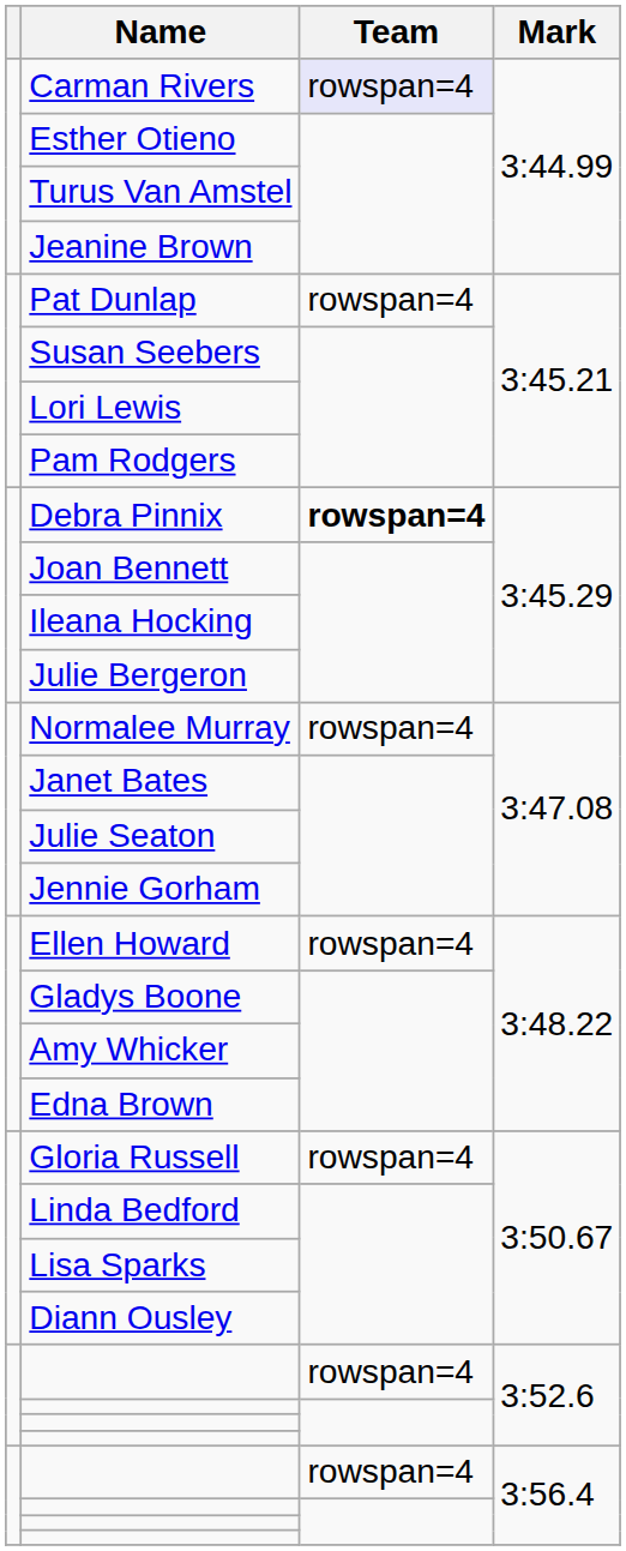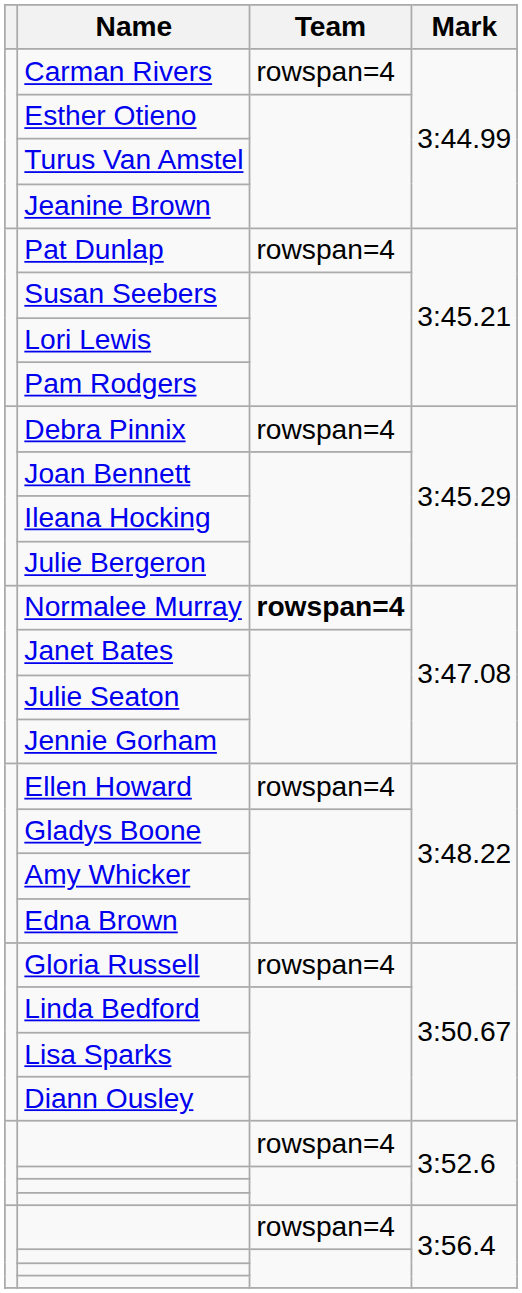 <table class=wikitable>
 <tr>
 <th></th>
 <th>Name</th>
 <th>Team</th>
 <th>Mark</th>
 </tr>
 <tr>
 <td rowspan=4></td>
 <td><a href='#'>Carman Rivers</a></td>
-<td style="background: lavender;">rowspan=4 </td>
+<td>rowspan=4 </td>
 <td rowspan=4>3:44.99</td>
 </tr>
 <tr>
 <td><a href='#'>Esther Otieno</a></td>
 </tr>
 <tr>
 <td><a href='#'>Turus Van Amstel</a></td>
 </tr>
 <tr>
 <td><a href='#'>Jeanine Brown</a></td>
 </tr>
 <tr>
 <td rowspan=4></td>
 <td><a href='#'>Pat Dunlap</a></td>
 <td>rowspan=4 </td>
 <td rowspan=4>3:45.21</td>
 </tr>
 <tr>
 <td><a href='#'>Susan Seebers</a></td>
 </tr>
 <tr>
 <td><a href='#'>Lori Lewis</a></td>
 </tr>
 <tr>
 <td><a href='#'>Pam Rodgers</a></td>
 </tr>
 <tr>
 <td rowspan=4></td>
 <td><a href='#'>Debra Pinnix</a></td>
-<td><strong>rowspan=4 </strong></td>
+<td>rowspan=4 </td>
 <td rowspan=4>3:45.29</td>
 </tr>
 <tr>
 <td><a href='#'>Joan Bennett</a></td>
 </tr>
 <tr>
 <td><a href='#'>Ileana Hocking</a></td>
 </tr>
 <tr>
 <td><a href='#'>Julie Bergeron</a></td>
 </tr>
 <tr>
 <td rowspan=4></td>
 <td><a href='#'>Normalee Murray</a></td>
-<td>rowspan=4 </td>
+<td><strong>rowspan=4 </strong></td>
 <td rowspan=4>3:47.08</td>
 </tr>
 <tr>
 <td><a href='#'>Janet Bates</a></td>
 </tr>
 <tr>
 <td><a href='#'>Julie Seaton</a></td>
 </tr>
 <tr>
 <td><a href='#'>Jennie Gorham</a></td>
 </tr>
 <tr>
 <td rowspan=4></td>
 <td><a href='#'>Ellen Howard</a></td>
 <td>rowspan=4 </td>
 <td rowspan=4>3:48.22</td>
 </tr>
 <tr>
 <td><a href='#'>Gladys Boone</a></td>
 </tr>
 <tr>
 <td><a href='#'>Amy Whicker</a></td>
 </tr>
 <tr>
 <td><a href='#'>Edna Brown</a></td>
 </tr>
 <tr>
 <td rowspan=4></td>
 <td><a href='#'>Gloria Russell</a></td>
 <td>rowspan=4 </td>
 <td rowspan=4>3:50.67</td>
 </tr>
 <tr>
 <td><a href='#'>Linda Bedford</a></td>
 </tr>
 <tr>
 <td><a href='#'>Lisa Sparks</a></td>
 </tr>
 <tr>
 <td><a href='#'>Diann Ousley</a></td>
 </tr>
 <tr>
 <td rowspan=4></td>
 <td></td>
 <td>rowspan=4 </td>
 <td rowspan=4>3:52.6</td>
 </tr>
 <tr>
 <td></td>
 </tr>
 <tr>
 <td></td>
 </tr>
 <tr>
 <td></td>
 </tr>
 <tr>
 <td rowspan=4></td>
 <td></td>
 <td>rowspan=4 </td>
 <td rowspan=4>3:56.4</td>
 </tr>
 <tr>
 <td></td>
 </tr>
 <tr>
 <td></td>
 </tr>
 <tr>
 <td></td>
 </tr>
 </table>
